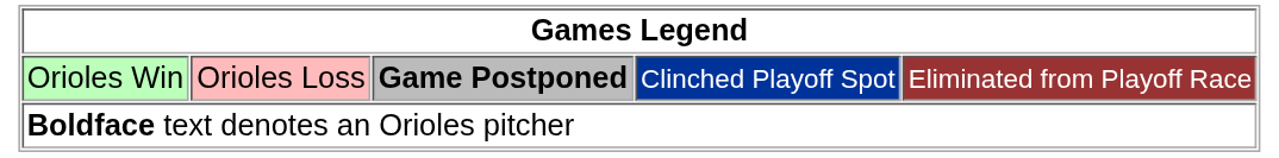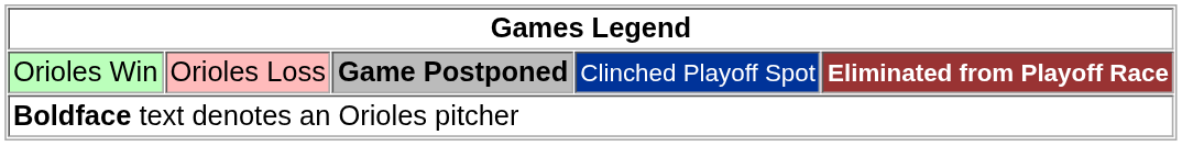 <table align="center" border="1" cellpadding="2" cellspacing="1" style="border:1px solid #aaa">
 <tr>
 <th colspan="5">Games Legend</th>
 </tr>
 <tr>
 <td style="background:#bfb;">Orioles Win</td>
 <td style="background:#fbb;">Orioles Loss</td>
 <td style="background:#bbb;"><strong>Game Postponed</strong></td>
 <td style="font-size:88%;background:#003399;color:white;">Clinched Playoff Spot</td>
-<td style="font-size:88%;background:#993333;color:white;">Eliminated from Playoff Race</td>
+<td style="font-size:88%;background:#993333;color:white;"><strong>Eliminated from Playoff Race</strong></td>
 </tr>
 <tr>
 <td colspan="5"><strong>Boldface</strong> text denotes an Orioles pitcher</td>
 </tr>
 </table>
